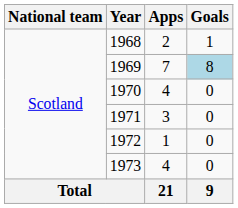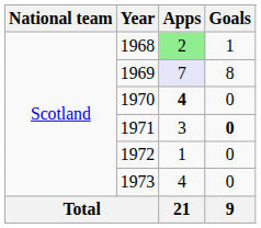 <table class=wikitable style="text-align:center">
 <tr>
 <th>National team</th>
 <th>Year</th>
 <th>Apps</th>
 <th>Goals</th>
 </tr>
 <tr>
 <td rowspan="6"><a href='#'>Scotland</a></td>
 <td>1968</td>
-<td>2</td>
+<td style="background: lightgreen;">2</td>
 <td>1</td>
 </tr>
 <tr>
 <td>1969</td>
-<td>7</td>
-<td style="background: lightblue;">8</td>
+<td style="background: lavender;">7</td>
+<td>8</td>
 </tr>
 <tr>
 <td>1970</td>
-<td>4</td>
+<td><strong>4</strong></td>
 <td>0</td>
 </tr>
 <tr>
 <td>1971</td>
 <td>3</td>
-<td>0</td>
+<td><strong>0</strong></td>
 </tr>
 <tr>
 <td>1972</td>
 <td>1</td>
 <td>0</td>
 </tr>
 <tr>
 <td>1973</td>
 <td>4</td>
 <td>0</td>
 </tr>
 <tr>
 <th colspan="2">Total</th>
 <th>21</th>
 <th>9</th>
 </tr>
 </table>
